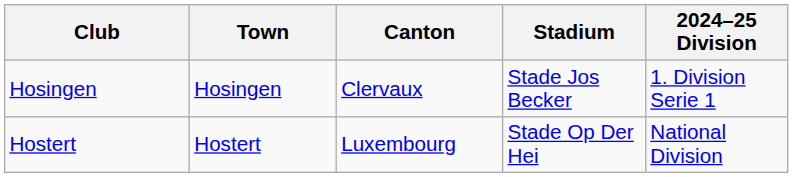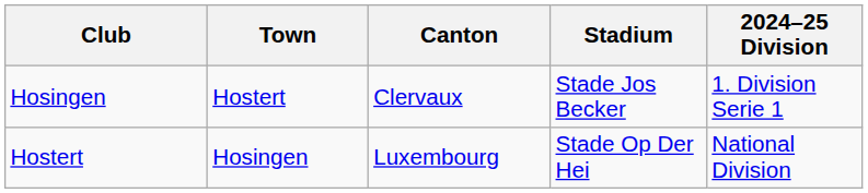 <table class="wikitable">
 <tr>
 <th style="width:300px;">Club</th>
 <th style="width:200px;">Town</th>
 <th style="width:200px;">Canton</th>
 <th style="width:200px;">Stadium</th>
 <th style="width:200px;">2024–25 Division</th>
 </tr>
 <tr>
 <td><a href='#'>Hosingen</a></td>
-<td><a href='#'>Hosingen</a></td>
+<td><a href='#'>Hostert</a></td>
 <td><a href='#'>Clervaux</a></td>
 <td><a href='#'>Stade Jos Becker</a></td>
 <td><a href='#'>1. Division Serie 1</a></td>
 </tr>
 <tr>
 <td><a href='#'>Hostert</a></td>
-<td><a href='#'>Hostert</a></td>
+<td><a href='#'>Hosingen</a></td>
 <td><a href='#'>Luxembourg</a></td>
 <td><a href='#'>Stade Op Der Hei</a></td>
 <td><a href='#'>National Division</a></td>
 </tr>
 </table>
